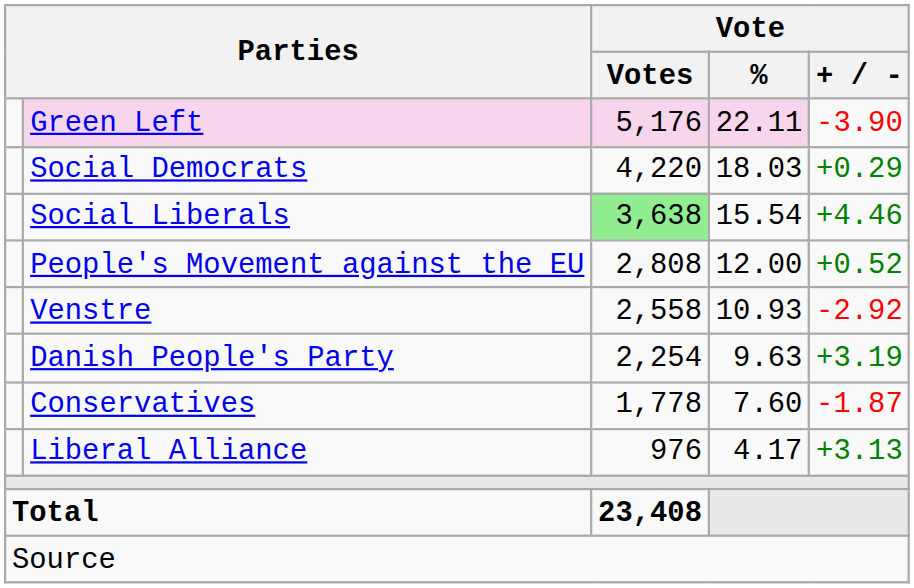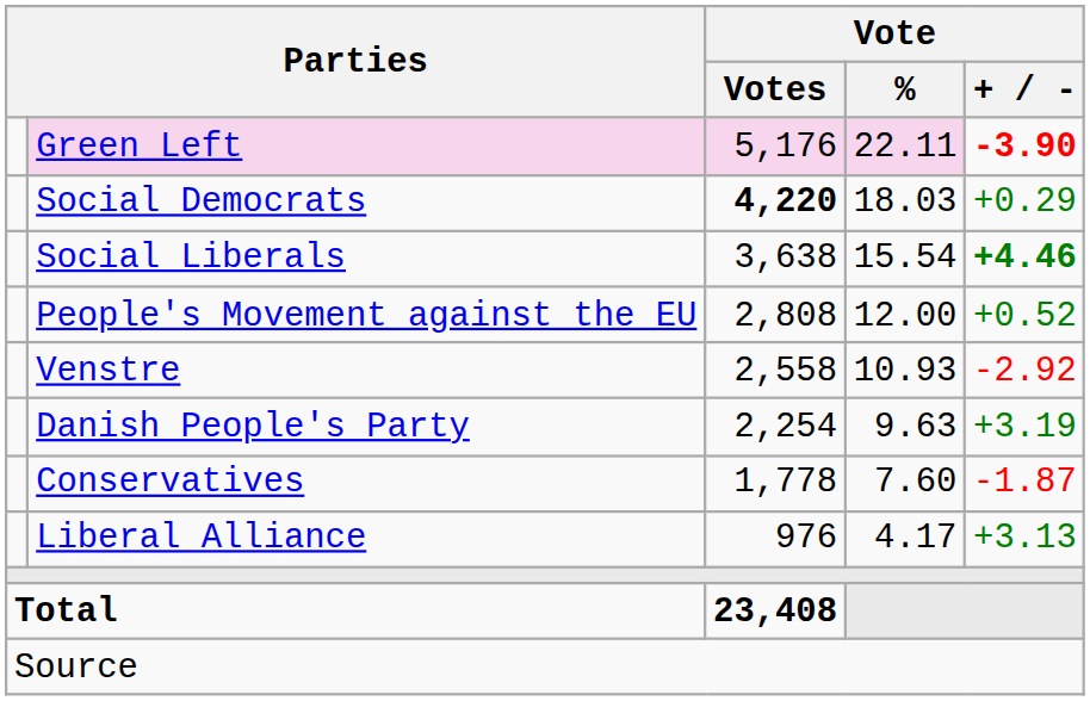 <table class="wikitable" style="text-align:right;">
 <tr>
 <th style="text-align:centre;" rowspan="2" colspan="2" width="225">Parties</th>
 <th colspan="3">Vote</th>
 </tr>
 <tr>
 <th width="15">Votes</th>
 <th width="15">%</th>
 <th width="15">+ / -</th>
 </tr>
 <tr>
 <td width="2" style="color:inherit;background:"></td>
 <td bgcolor=#f7d5ed   align="left"><a href='#'>Green Left</a></td>
 <td bgcolor=#f7d5ed>5,176</td>
 <td bgcolor=#f7d5ed>22.11</td>
-<td style=color:red;>-3.90</td>
+<td style=color:red;><strong>-3.90</strong></td>
 </tr>
 <tr>
 <td width="2" style="color:inherit;background:"></td>
 <td align="left"><a href='#'>Social Democrats</a></td>
-<td>4,220</td>
+<td><strong>4,220</strong></td>
 <td>18.03</td>
 <td style=color:green;>+0.29</td>
 </tr>
 <tr>
 <td width="2" style="color:inherit;background:"></td>
 <td align="left"><a href='#'>Social Liberals</a></td>
-<td style="background: lightgreen;">3,638</td>
+<td>3,638</td>
 <td>15.54</td>
-<td style=color:green;>+4.46</td>
+<td style=color:green;><strong>+4.46</strong></td>
 </tr>
 <tr>
 <td width="2" style="color:inherit;background:"></td>
 <td align="left"><a href='#'>People's Movement against the EU</a></td>
 <td>2,808</td>
 <td>12.00</td>
 <td style=color:green;>+0.52</td>
 </tr>
 <tr>
 <td width="2" style="color:inherit;background:"></td>
 <td align="left"><a href='#'>Venstre</a></td>
 <td>2,558</td>
 <td>10.93</td>
 <td style=color:red;>-2.92</td>
 </tr>
 <tr>
 <td width="2" style="color:inherit;background:"></td>
 <td align="left"><a href='#'>Danish People's Party</a></td>
 <td>2,254</td>
 <td>9.63</td>
 <td style=color:green;>+3.19</td>
 </tr>
 <tr>
 <td width="2" style="color:inherit;background:"></td>
 <td align="left"><a href='#'>Conservatives</a></td>
 <td>1,778</td>
 <td>7.60</td>
 <td style=color:red;>-1.87</td>
 </tr>
 <tr>
 <td width="2" style="color:inherit;background:"></td>
 <td align="left"><a href='#'>Liberal Alliance</a></td>
 <td>976</td>
 <td>4.17</td>
 <td style=color:green;>+3.13</td>
 </tr>
 <tr>
 <td colspan="7" bgcolor="#E9E9E9"></td>
 </tr>
 <tr>
 <td align="left" colspan="2"><strong>Total</strong></td>
 <td><strong>23,408</strong></td>
 <td bgcolor="#E9E9E9" colspan="2"></td>
 </tr>
 <tr>
 <td align="left" colspan="6">Source</td>
 </tr>
 </table>
